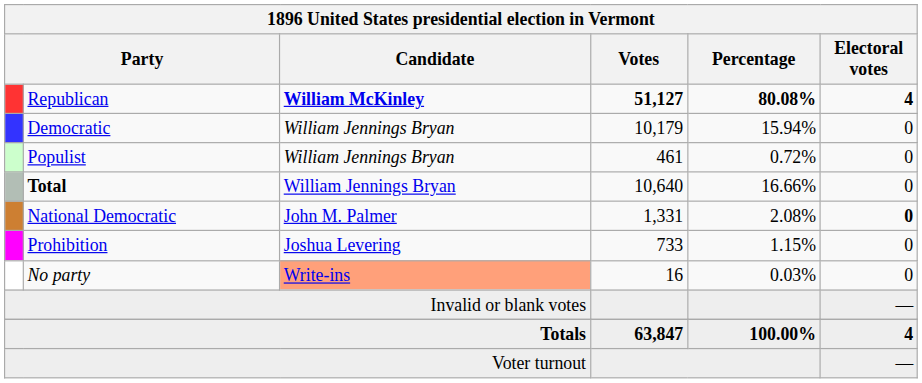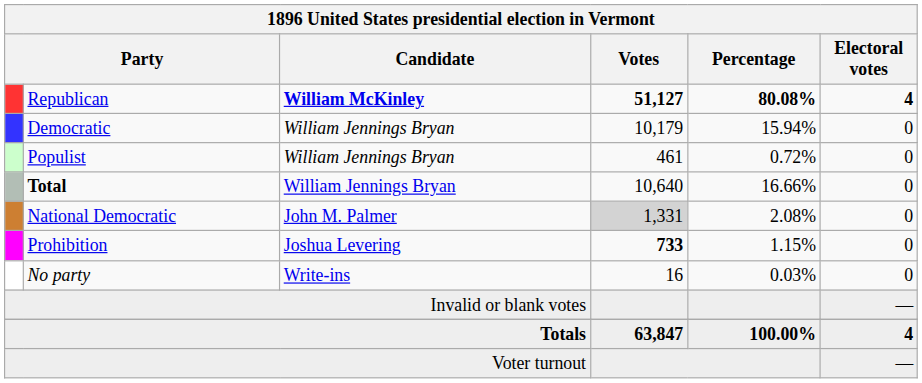 <table class="wikitable" style="font-size: 95%;">
 <tr>
 <th colspan="6">1896 United States presidential election in Vermont</th>
 </tr>
 <tr>
 <th colspan="2" style="width: 15em">Party</th>
 <th style="width: 17em">Candidate</th>
 <th style="width: 5em">Votes</th>
 <th style="width: 7em">Percentage</th>
 <th style="width: 5em">Electoral votes</th>
 </tr>
 <tr>
 <th style="background-color:#FF3333; width: 3px"></th>
 <td style="width: 130px"><a href='#'>Republican</a></td>
 <td><strong><a href='#'>William McKinley</a></strong></td>
 <td align="right"><strong>51,127</strong></td>
 <td align="right"><strong>80.08%</strong></td>
 <td align="right"><strong>4</strong></td>
 </tr>
 <tr>
 <th style="background-color:#3333FF; width: 3px"></th>
 <td style="width: 130px"><a href='#'>Democratic</a></td>
 <td><em>William Jennings Bryan</em></td>
 <td align="right">10,179</td>
 <td align="right">15.94%</td>
 <td align="right">0</td>
 </tr>
 <tr>
 <th style="background-color:#CCFFCC; width: 3px"></th>
 <td style="width: 130px"><a href='#'>Populist</a></td>
 <td><em>William Jennings Bryan</em></td>
 <td align="right">461</td>
 <td align="right">0.72%</td>
 <td align="right">0</td>
 </tr>
 <tr>
 <th style="background-color:#B2BEB5; width: 3px"></th>
 <td style="width: 130px"><strong> Total</strong></td>
 <td><a href='#'>William Jennings Bryan</a></td>
 <td align="right">10,640</td>
 <td align="right">16.66%</td>
 <td align="right">0</td>
 </tr>
 <tr>
 <th style="background-color:#CD7F32; width: 3px"></th>
 <td style="width: 130px"><a href='#'>National Democratic</a></td>
 <td><a href='#'>John M. Palmer</a></td>
-<td align="right">1,331</td>
+<td align="right" style="background: lightgrey;">1,331</td>
 <td align="right">2.08%</td>
-<td align="right"><strong>0</strong></td>
+<td align="right">0</td>
 </tr>
 <tr>
 <th style="background-color:#FF00FF; width: 3px"></th>
 <td style="width: 130px"><a href='#'>Prohibition</a></td>
 <td><a href='#'>Joshua Levering</a></td>
-<td align="right">733</td>
+<td align="right"><strong>733</strong></td>
 <td align="right">1.15%</td>
 <td align="right">0</td>
 </tr>
 <tr>
 <th style="background-color:#FFFFFF; width: 3px"></th>
 <td style="width: 130px"><em>No party</em></td>
-<td style="background: lightsalmon;"><a href='#'>Write-ins</a></td>
+<td><a href='#'>Write-ins</a></td>
 <td align="right">16</td>
 <td align="right">0.03%</td>
 <td align="right">0</td>
 </tr>
 <tr bgcolor="#EEEEEE">
 <td colspan="3" align="right">Invalid or blank votes</td>
 <td align="right"></td>
 <td align="right"></td>
 <td align="right">—</td>
 </tr>
 <tr bgcolor="#EEEEEE">
 </tr>
 <tr>
 </tr>
 <tr bgcolor="#EEEEEE">
 <td colspan="3" align="right"><strong>Totals</strong></td>
 <td align="right"><strong>63,847</strong></td>
 <td align="right"><strong>100.00%</strong></td>
 <td align="right"><strong>4</strong></td>
 </tr>
 <tr bgcolor="#EEEEEE">
 <td colspan="3" align="right">Voter turnout</td>
 <td colspan="2" align="right"></td>
 <td align="right">—</td>
 </tr>
 </table>
